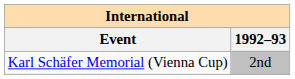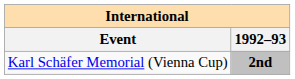 <table class="wikitable" style="text-align:center">
 <tr>
 <th style="background-color: #ffdead; " colspan=2 align=center>International</th>
 </tr>
 <tr>
 <th>Event</th>
 <th>1992–93</th>
 </tr>
 <tr>
 <td align=left><a href='#'>Karl Schäfer Memorial</a> (Vienna Cup)</td>
-<td bgcolor=silver>2nd</td>
+<td bgcolor=silver><strong>2nd</strong></td>
 </tr>
 </table>
